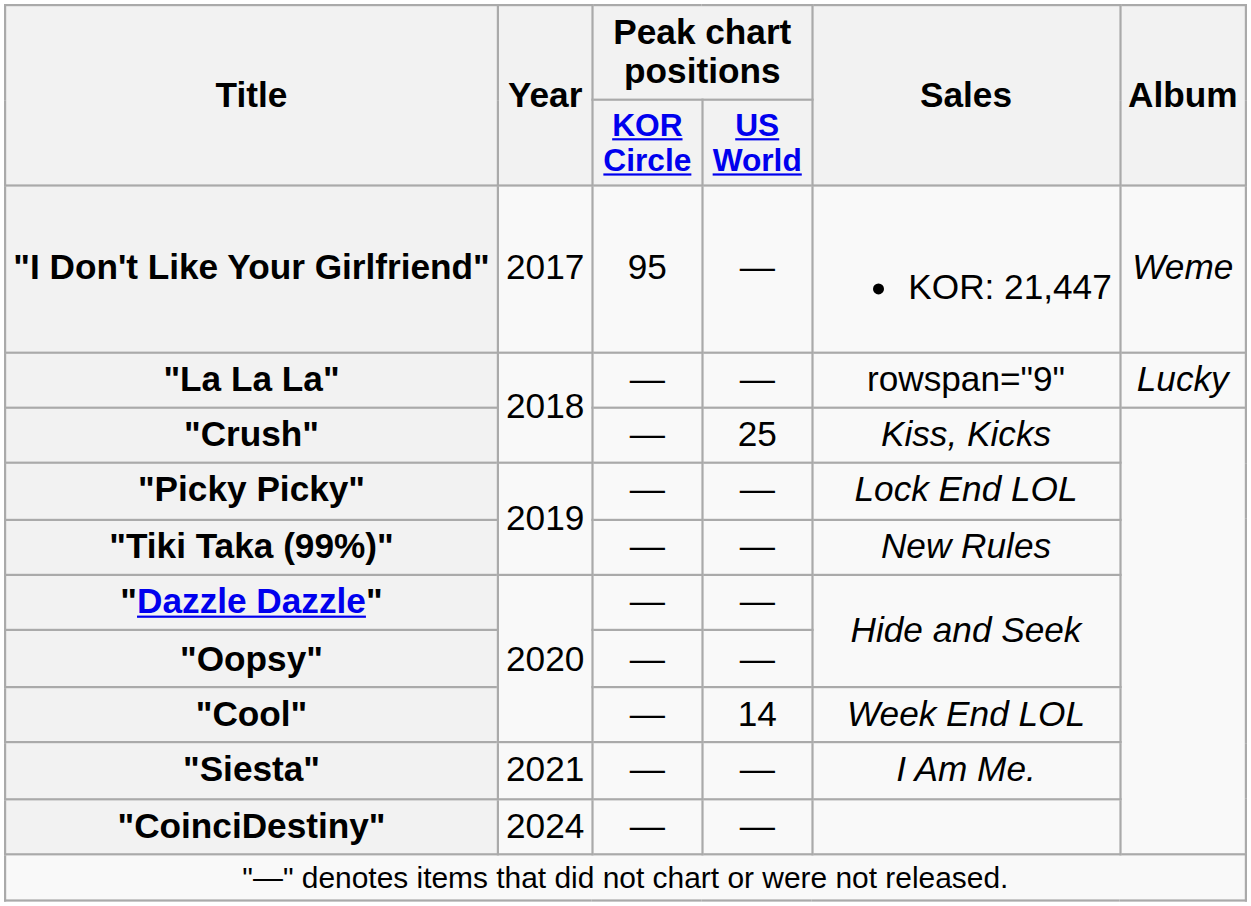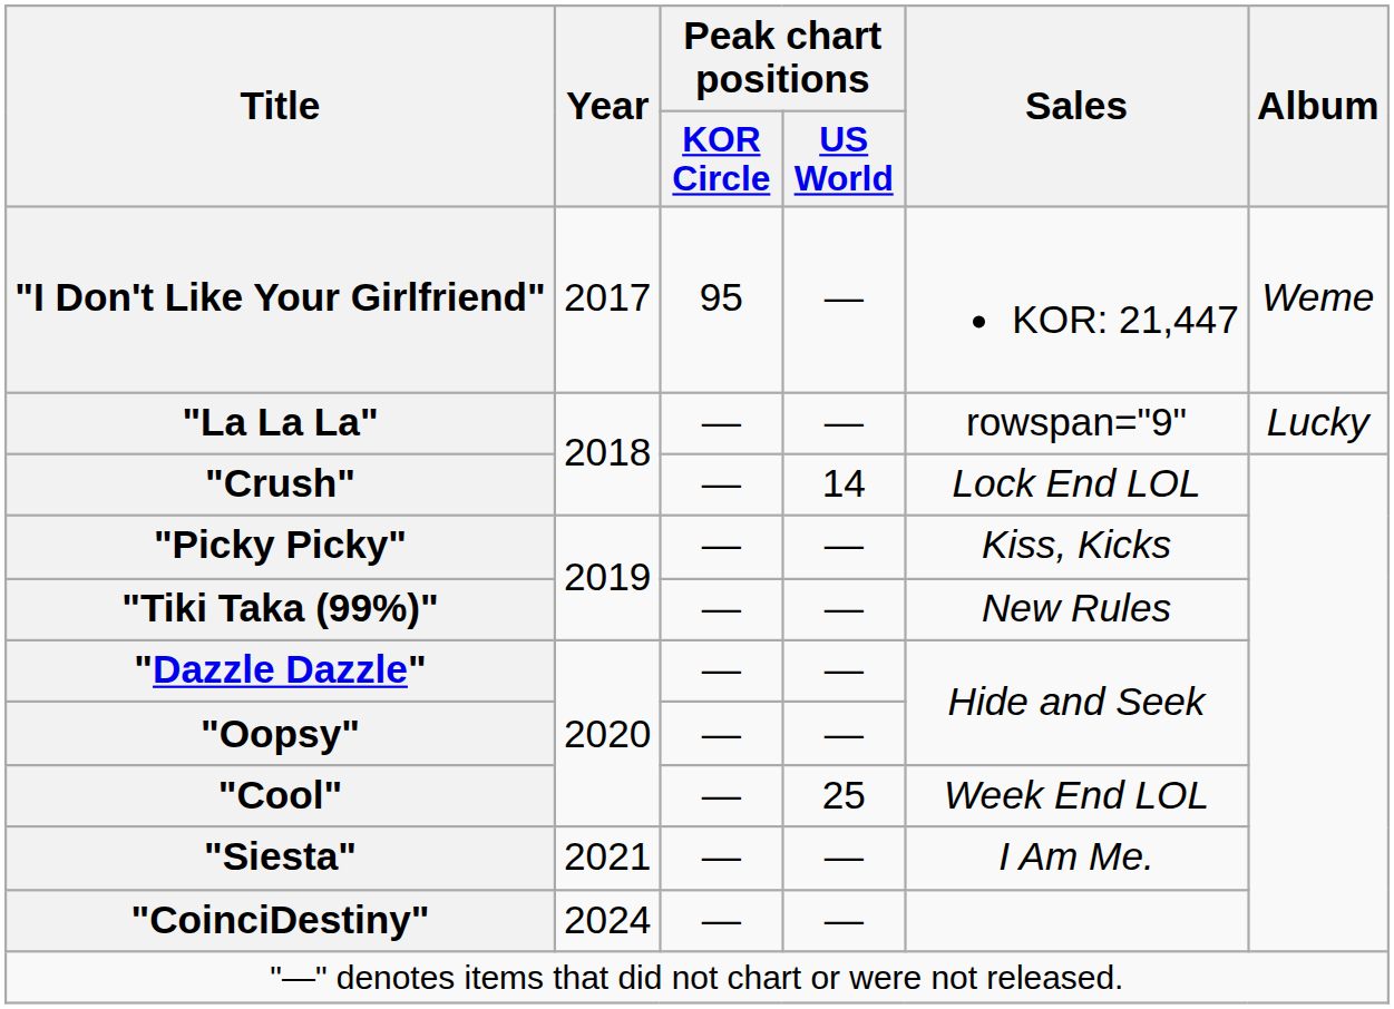 <table class="wikitable plainrowheaders" style="text-align:center">
 <tr>
 <th scope="col" rowspan="2">Title</th>
 <th scope="col" rowspan="2">Year</th>
 <th scope="col" colspan="2">Peak chart<br>positions</th>
 <th scope="col" rowspan="2">Sales</th>
 <th scope="col" rowspan="2">Album</th>
 </tr>
 <tr>
 <th scope="col" style="font-size:90%; width:3em"><a href='#'>KOR<br>Circle</a><br></th>
 <th scope="col" style="font-size:90%; width:3em"><a href='#'>US World</a><br></th>
 </tr>
 <tr>
 <th scope="row">"I Don't Like Your Girlfriend"</th>
 <td>2017</td>
 <td>95</td>
 <td>—</td>
 <td><br><ul><li>KOR: 21,447</li></ul></td>
 <td><em>Weme</em></td>
 </tr>
 <tr>
 <th scope="row">"La La La"</th>
 <td rowspan="2">2018</td>
 <td>—</td>
 <td>—</td>
 <td>rowspan="9" </td>
 <td><em>Lucky</em></td>
 </tr>
 <tr>
 <th scope="row">"Crush"</th>
 <td>—</td>
-<td>25</td>
-<td><em>Kiss, Kicks</em></td>
+<td>14</td>
+<td><em>Lock End LOL</em></td>
 </tr>
 <tr>
 <th scope="row">"Picky Picky"</th>
 <td rowspan="2">2019</td>
 <td>—</td>
 <td>—</td>
-<td><em>Lock End LOL</em></td>
+<td><em>Kiss, Kicks</em></td>
 </tr>
 <tr>
 <th scope="row">"Tiki Taka (99%)"</th>
 <td>—</td>
 <td>—</td>
 <td><em>New Rules</em></td>
 </tr>
 <tr>
 <th scope="row">"<a href='#'>Dazzle Dazzle</a>"</th>
 <td rowspan="3">2020</td>
 <td>—</td>
 <td>—</td>
 <td rowspan="2"><em>Hide and Seek</em></td>
 </tr>
 <tr>
 <th scope="row">"Oopsy"</th>
 <td>—</td>
 <td>—</td>
 </tr>
 <tr>
 <th scope="row">"Cool"</th>
 <td>—</td>
-<td>14</td>
+<td>25</td>
 <td><em>Week End LOL</em></td>
 </tr>
 <tr>
 <th scope="row">"Siesta"</th>
 <td>2021</td>
 <td>—</td>
 <td>—</td>
 <td><em>I Am Me.</em></td>
 </tr>
 <tr>
 <th scope="row">"CoinciDestiny"</th>
 <td>2024</td>
 <td>—</td>
 <td>—</td>
 <td></td>
 </tr>
 <tr>
 <td colspan="6" style="font-size:85%">"—" denotes items that did not chart or were not released.</td>
 </tr>
 </table>
